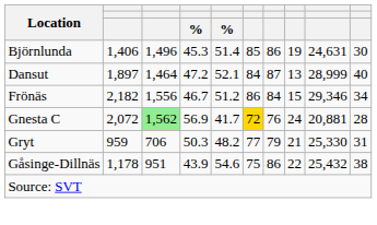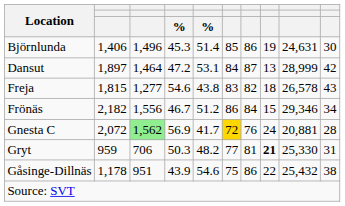 <table role="presentation" class="wikitable sortable mw-collapsible">
 <tr>
 <th rowspan="3">Location</th>
 <th></th>
 <th></th>
 <th></th>
 <th></th>
 <th></th>
 <th></th>
 <th></th>
 <th></th>
 <th></th>
 </tr>
 <tr>
 <th></th>
 <th></th>
 <th style="background:"></th>
 <th style="background:"></th>
 <th></th>
 <th></th>
 <th></th>
 <th></th>
 <th></th>
 </tr>
 <tr>
 <th data-sort-type="number"></th>
 <th data-sort-type="number"></th>
 <th data-sort-type="number">%</th>
 <th data-sort-type="number">%</th>
 <th data-sort-type="number"></th>
 <th data-sort-type="number"></th>
 <th data-sort-type="number"></th>
 <th data-sort-type="number"></th>
 <th data-sort-type="number"></th>
 </tr>
 <tr>
 <td align="left">Björnlunda</td>
 <td>1,406</td>
 <td>1,496</td>
 <td>45.3</td>
 <td>51.4</td>
 <td>85</td>
 <td>86</td>
 <td>19</td>
 <td>24,631</td>
 <td>30</td>
 </tr>
 <tr>
 <td align="left">Dansut</td>
 <td>1,897</td>
 <td>1,464</td>
 <td>47.2</td>
-<td>52.1</td>
+<td>53.1</td>
 <td>84</td>
 <td>87</td>
 <td>13</td>
 <td>28,999</td>
-<td>40</td>
+<td>42</td>
+</tr>
+<tr>
+<td align="left">Freja</td>
+<td>1,815</td>
+<td>1,277</td>
+<td>54.6</td>
+<td>43.8</td>
+<td>83</td>
+<td>82</td>
+<td>18</td>
+<td>26,578</td>
+<td>43</td>
 </tr>
 <tr>
 <td align="left">Frönäs</td>
 <td>2,182</td>
 <td>1,556</td>
 <td>46.7</td>
 <td>51.2</td>
 <td>86</td>
 <td>84</td>
 <td>15</td>
 <td>29,346</td>
 <td>34</td>
 </tr>
 <tr>
 <td align="left">Gnesta C</td>
 <td>2,072</td>
 <td style="background: lightgreen;">1,562</td>
 <td>56.9</td>
 <td>41.7</td>
 <td style="background: gold;">72</td>
 <td>76</td>
 <td>24</td>
 <td>20,881</td>
 <td>28</td>
 </tr>
 <tr>
 <td align="left">Gryt</td>
 <td>959</td>
 <td>706</td>
 <td>50.3</td>
 <td>48.2</td>
 <td>77</td>
-<td>79</td>
-<td>21</td>
+<td>81</td>
+<td><strong>21</strong></td>
 <td>25,330</td>
 <td>31</td>
 </tr>
 <tr>
 <td align="left">Gåsinge-Dillnäs</td>
 <td>1,178</td>
 <td>951</td>
 <td>43.9</td>
 <td>54.6</td>
 <td>75</td>
 <td>86</td>
 <td>22</td>
 <td>25,432</td>
 <td>38</td>
 </tr>
 <tr>
 <td colspan="10" align="left">Source: <a href='#'>SVT</a></td>
 </tr>
 </table>
